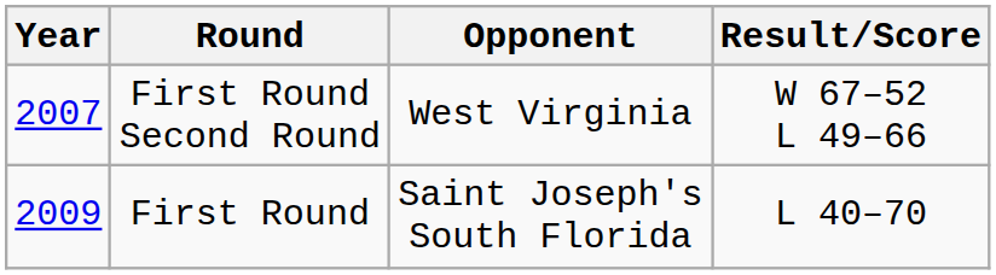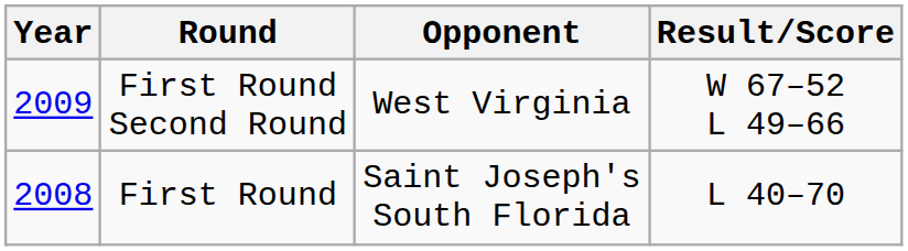 <table class="wikitable" style="text-align:center;">
 <tr>
 <th>Year</th>
 <th>Round</th>
 <th>Opponent</th>
 <th>Result/Score</th>
 </tr>
 <tr align="center">
-<td><a href='#'>2007</a></td>
+<td><a href='#'>2009</a></td>
 <td>First Round<br>Second Round</td>
 <td>West Virginia</td>
 <td>W 67–52<br>L 49–66</td>
 </tr>
 <tr>
-<td><a href='#'>2009</a></td>
+<td><a href='#'>2008</a></td>
 <td>First Round</td>
 <td>Saint Joseph's<br>South Florida</td>
 <td>L 40–70</td>
 </tr>
 </table>
